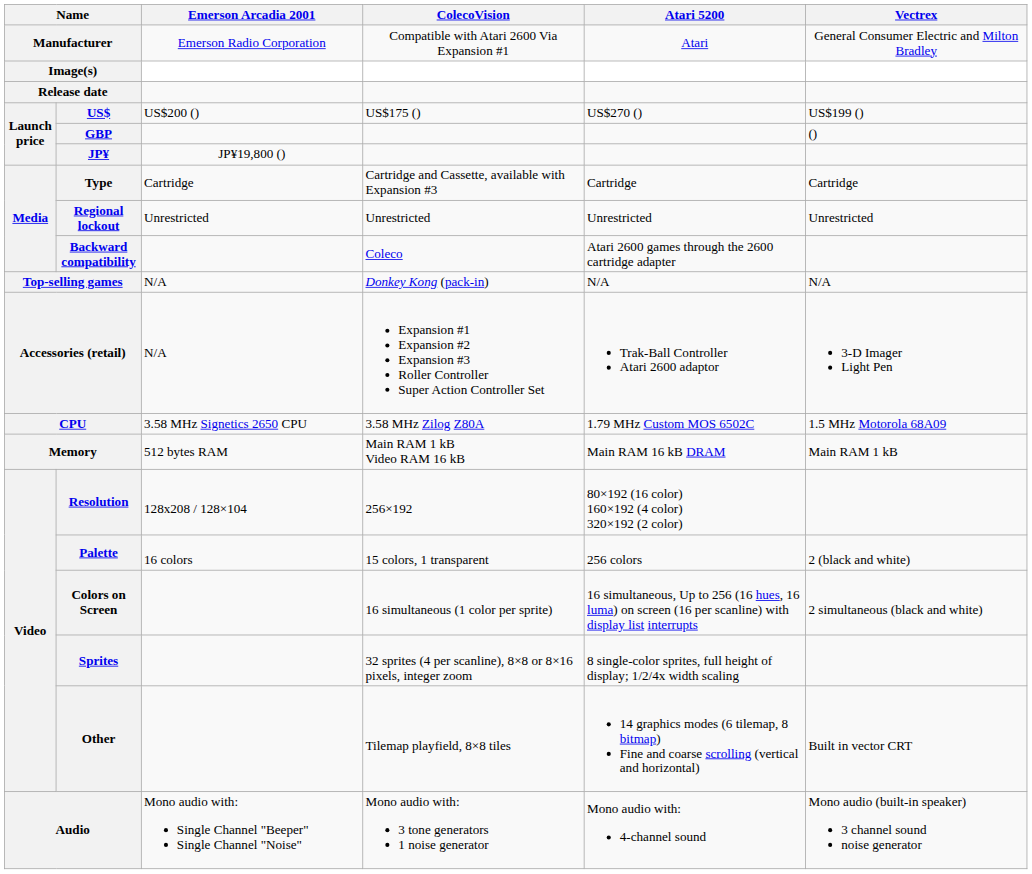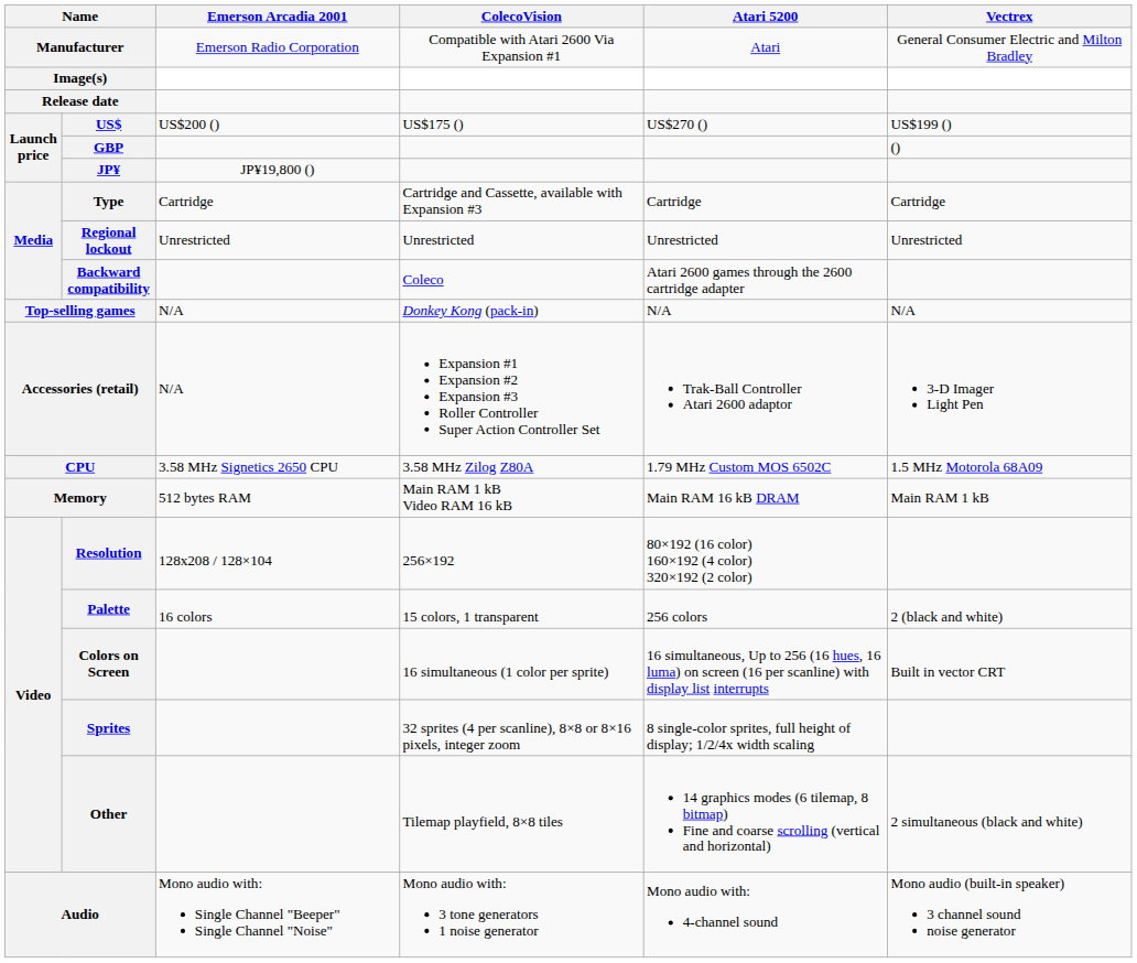 <table class="wikitable">
 <tr>
 <th colspan="2" style="width: 5%">Name</th>
 <th style="width: 19%;"><a href='#'>Emerson Arcadia 2001</a></th>
 <th style="width: 19%;"><a href='#'>ColecoVision</a></th>
 <th style="width: 19%;"><a href='#'>Atari 5200</a></th>
 <th style="width: 19%;"><a href='#'>Vectrex</a></th>
 </tr>
 <tr align="center">
 <th colspan="2">Manufacturer</th>
 <td><a href='#'>Emerson Radio Corporation</a></td>
 <td>Compatible with Atari 2600 Via Expansion #1</td>
 <td><a href='#'>Atari</a></td>
 <td>General Consumer Electric and <a href='#'>Milton Bradley</a></td>
 </tr>
 <tr style="text-align:center;">
 <th colspan="2">Image(s)</th>
 <td style="background:white;"></td>
 <td style="background:white;"></td>
 <td style="background:white;"></td>
 <td style="background:white;"></td>
 </tr>
 <tr style="vertical-align: center">
 <th colspan="2">Release date</th>
 <td></td>
 <td></td>
 <td></td>
 <td></td>
 </tr>
 <tr>
 <th rowspan="3">Launch price</th>
 <th><a href='#'>US$</a></th>
 <td>US$200 ()</td>
 <td>US$175 ()</td>
 <td>US$270 ()</td>
 <td>US$199 ()</td>
 </tr>
 <tr>
 <th><a href='#'>GBP</a></th>
 <td></td>
 <td></td>
 <td></td>
 <td> ()</td>
 </tr>
 <tr align="center">
 <th><a href='#'>JP¥</a></th>
 <td>JP¥19,800 ()</td>
 <td></td>
 <td></td>
 <td></td>
 </tr>
 <tr>
 <th rowspan="3"><a href='#'>Media</a></th>
 <th>Type</th>
 <td>Cartridge</td>
 <td>Cartridge and Cassette, available with Expansion #3</td>
 <td>Cartridge</td>
 <td>Cartridge</td>
 </tr>
 <tr>
 <th><a href='#'>Regional lockout</a></th>
 <td>Unrestricted</td>
 <td>Unrestricted</td>
 <td>Unrestricted</td>
 <td>Unrestricted</td>
 </tr>
 <tr>
 <th><a href='#'>Backward compatibility</a></th>
 <td></td>
 <td><a href='#'>Coleco</a></td>
 <td>Atari 2600 games through the 2600 cartridge adapter</td>
 <td></td>
 </tr>
 <tr>
 <th colspan="2"><a href='#'>Top-selling games</a></th>
 <td>N/A</td>
 <td><em><a href='#'>Donkey Kong</a></em> (<a href='#'>pack-in</a>)</td>
 <td>N/A</td>
 <td>N/A</td>
 </tr>
 <tr>
 <th colspan="2">Accessories (retail)</th>
 <td>N/A</td>
 <td><br><ul><li>Expansion #1</li><li>Expansion #2</li><li>Expansion #3</li><li>Roller Controller</li><li>Super Action Controller Set</li></ul></td>
 <td><br><ul><li>Trak-Ball Controller</li><li>Atari 2600 adaptor</li></ul></td>
 <td><br><ul><li>3-D Imager</li><li>Light Pen</li></ul></td>
 </tr>
 <tr>
 <th colspan="2"><a href='#'>CPU</a></th>
 <td>3.58 MHz <a href='#'>Signetics 2650</a> CPU</td>
 <td>3.58 MHz <a href='#'>Zilog</a> <a href='#'>Z80A</a></td>
 <td>1.79 MHz <a href='#'>Custom MOS 6502C</a></td>
 <td>1.5 MHz <a href='#'>Motorola 68A09</a></td>
 </tr>
 <tr style="vertical-align: center">
 <th colspan="2">Memory</th>
 <td>512 bytes RAM</td>
 <td>Main RAM 1 kB<br>Video RAM 16 kB</td>
 <td>Main RAM 16 kB <a href='#'>DRAM</a></td>
 <td>Main RAM 1 kB</td>
 </tr>
 <tr style="vertical-align: center">
 <th rowspan="5">Video</th>
 <th><a href='#'>Resolution</a></th>
 <td><br>128x208 / 128×104</td>
 <td><br>256×192</td>
 <td><br>80×192 (16 color)<br> 160×192 (4 color)<br> 320×192 (2 color)</td>
 <td></td>
 </tr>
 <tr>
 <th><a href='#'>Palette</a></th>
 <td><br>16 colors</td>
 <td><br>15 colors, 1 transparent</td>
 <td><br>256 colors</td>
 <td><br>2 (black and white)</td>
 </tr>
 <tr>
 <th>Colors on Screen</th>
 <td></td>
 <td><br>16 simultaneous (1 color per sprite)</td>
 <td><br>16 simultaneous, Up to 256 (16 <a href='#'>hues</a>, 16 <a href='#'>luma</a>) on screen (16 per scanline) with <a href='#'>display list</a> <a href='#'>interrupts</a></td>
-<td><br>2 simultaneous (black and white)</td>
+<td><br>Built in vector CRT</td>
 </tr>
 <tr>
 <th><a href='#'>Sprites</a></th>
 <td></td>
 <td><br>32 sprites (4 per scanline), 8×8 or 8×16 pixels, integer zoom</td>
 <td><br>8 single-color sprites, full height of display; 1/2/4x width scaling</td>
 <td></td>
 </tr>
 <tr>
 <th>Other</th>
 <td></td>
 <td><br>Tilemap playfield, 8×8 tiles</td>
 <td><br><ul><li>14 graphics modes (6 tilemap, 8 <a href='#'>bitmap</a>)</li><li>Fine and coarse <a href='#'>scrolling</a> (vertical and horizontal)</li></ul></td>
-<td><br>Built in vector CRT</td>
+<td><br>2 simultaneous (black and white)</td>
 </tr>
 <tr style="vertical-align: center">
 <th colspan="2">Audio</th>
 <td>Mono audio with:<br><ul><li>Single Channel "Beeper"</li><li>Single Channel "Noise"</li></ul></td>
 <td>Mono audio with:<br><ul><li>3 tone generators</li><li>1 noise generator</li></ul></td>
 <td>Mono audio with:<br><ul><li>4-channel sound</li></ul></td>
 <td>Mono audio (built-in speaker)<br><ul><li>3 channel sound</li><li>noise generator</li></ul></td>
 </tr>
 </table>
